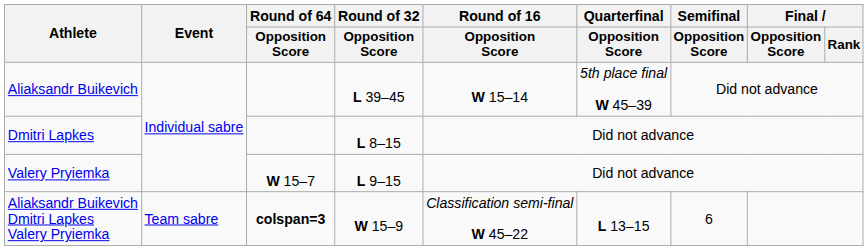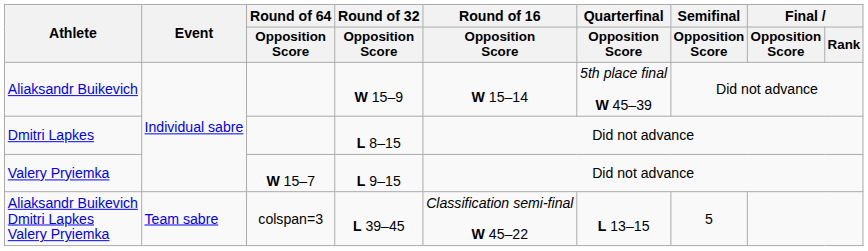 <table class="wikitable" style="font-size:90%">
 <tr>
 <th rowspan="2">Athlete</th>
 <th rowspan="2">Event</th>
 <th>Round of 64</th>
 <th>Round of 32</th>
 <th>Round of 16</th>
 <th>Quarterfinal</th>
 <th>Semifinal</th>
 <th colspan=2>Final / </th>
 </tr>
 <tr style="font-size:95%">
 <th>Opposition <br> Score</th>
 <th>Opposition <br> Score</th>
 <th>Opposition <br> Score</th>
 <th>Opposition <br> Score</th>
 <th>Opposition <br> Score</th>
 <th>Opposition <br> Score</th>
 <th>Rank</th>
 </tr>
 <tr align=center>
 <td align=left><a href='#'>Aliaksandr Buikevich</a></td>
 <td align=left rowspan=3><a href='#'>Individual sabre</a></td>
 <td></td>
-<td><br><strong>L</strong> 39–45</td>
+<td><br><strong>W</strong> 15–9</td>
 <td><br><strong>W</strong> 15–14</td>
 <td><em>5th place final</em><br><br><strong>W</strong> 45–39</td>
 <td colspan=3>Did not advance</td>
 </tr>
 <tr align=center>
 <td align=left><a href='#'>Dmitri Lapkes</a></td>
 <td></td>
 <td><br><strong>L</strong> 8–15</td>
 <td colspan=5>Did not advance</td>
 </tr>
 <tr align=center>
 <td align=left><a href='#'>Valery Pryiemka</a></td>
 <td><br><strong>W</strong> 15–7</td>
 <td><br><strong>L</strong> 9–15</td>
 <td colspan=5>Did not advance</td>
 </tr>
 <tr align=center>
 <td align=left><a href='#'>Aliaksandr Buikevich</a><br><a href='#'>Dmitri Lapkes</a><br><a href='#'>Valery Pryiemka</a></td>
 <td align=left><a href='#'>Team sabre</a></td>
-<td><strong>colspan=3 </strong></td>
-<td><br><strong>W</strong> 15–9</td>
+<td>colspan=3 </td>
+<td><br><strong>L</strong> 39–45</td>
 <td><em>Classification semi-final</em><br><br><strong>W</strong> 45–22</td>
 <td><br><strong>L</strong> 13–15</td>
-<td>6</td>
+<td>5</td>
 </tr>
 </table>
